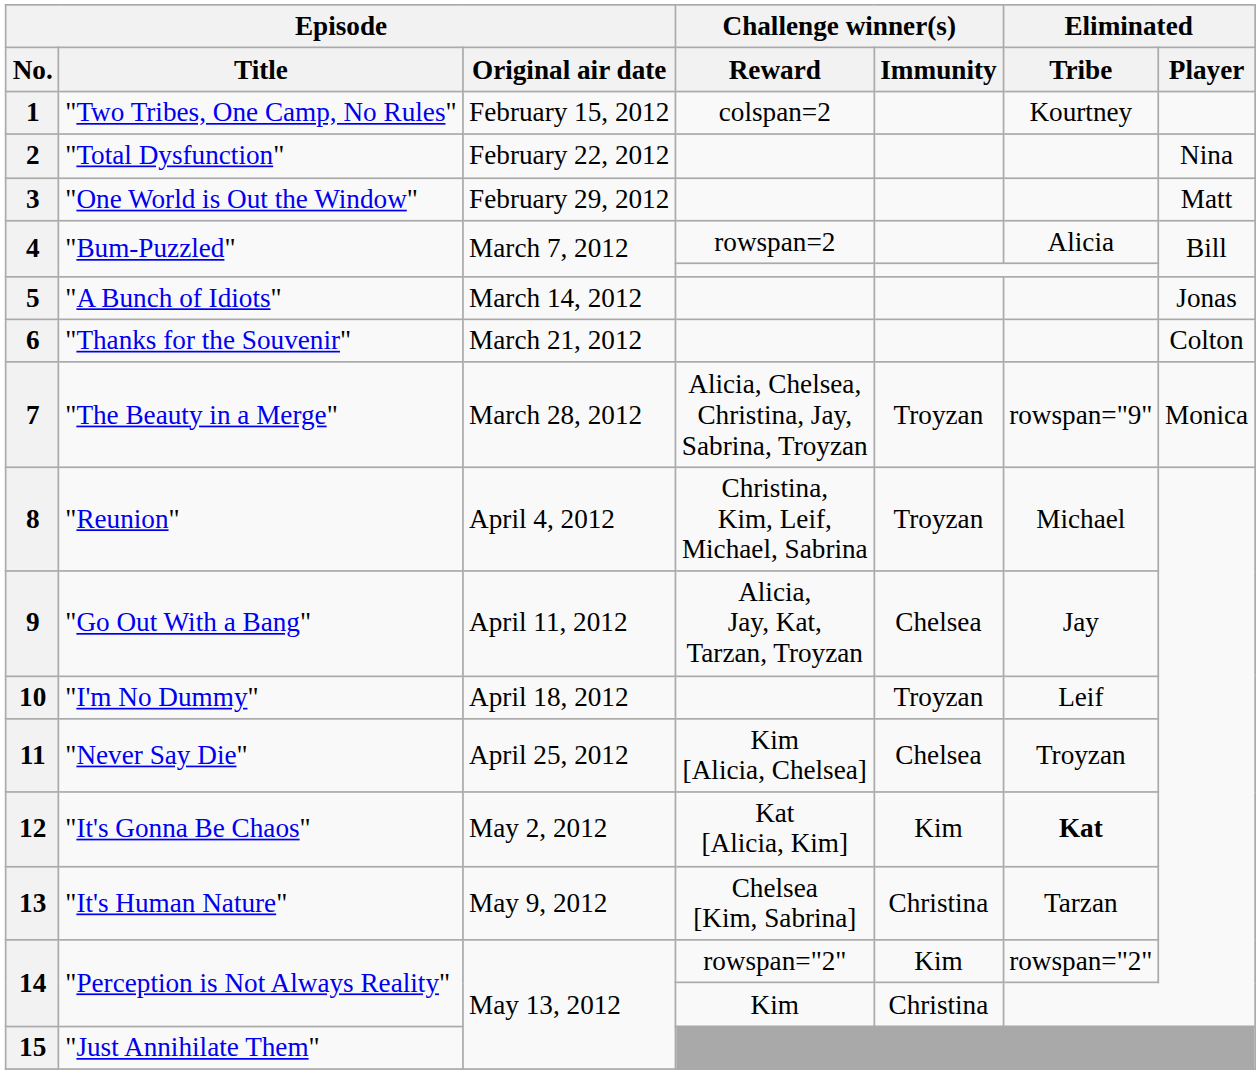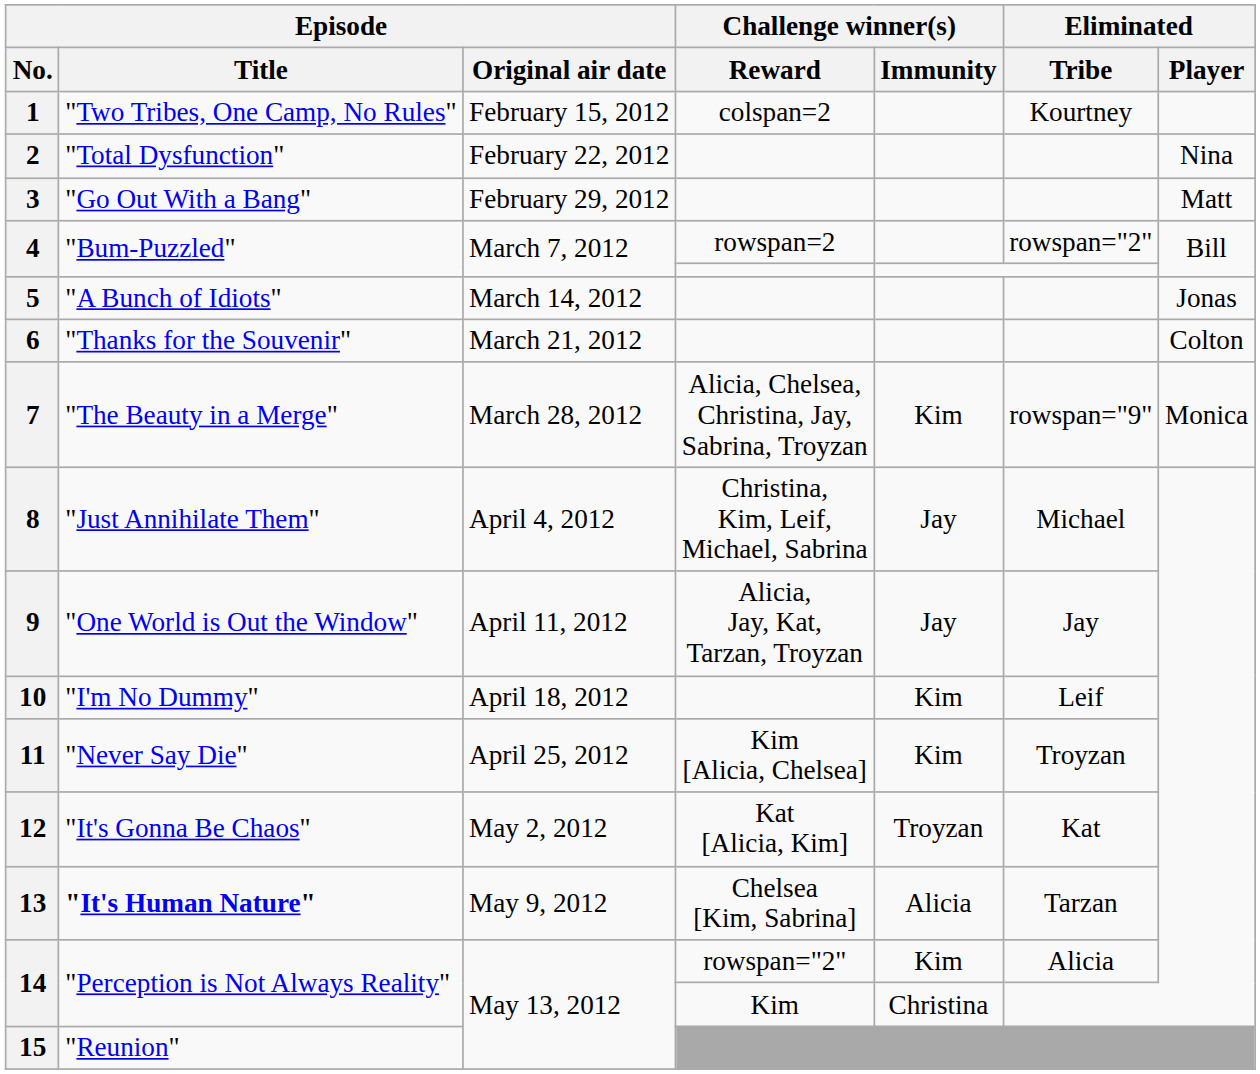 <table class="wikitable" style="margin:auto; text-align:center">
 <tr>
 <th colspan=3>Episode</th>
 <th colspan=2>Challenge winner(s)</th>
 <th colspan="2">Eliminated</th>
 </tr>
 <tr>
 <th>No.</th>
 <th>Title</th>
 <th>Original air date</th>
 <th>Reward</th>
 <th>Immunity</th>
 <th>Tribe</th>
 <th>Player</th>
 </tr>
 <tr>
 <th>1</th>
 <td align="left">"<a href='#'>Two Tribes, One Camp, No Rules</a>"</td>
 <td align="left">February 15, 2012</td>
 <td>colspan=2 </td>
 <td></td>
 <td>Kourtney</td>
 </tr>
 <tr>
 <th>2</th>
 <td align="left">"<a href='#'>Total Dysfunction</a>"</td>
 <td align="left">February 22, 2012</td>
 <td></td>
 <td></td>
 <td></td>
 <td>Nina</td>
 </tr>
 <tr>
 <th>3</th>
-<td align="left">"<a href='#'>One World is Out the Window</a>"</td>
+<td align="left">"<a href='#'>Go Out With a Bang</a>"</td>
 <td align="left">February 29, 2012</td>
 <td></td>
 <td></td>
 <td></td>
 <td>Matt</td>
 </tr>
 <tr>
 <th rowspan=2>4</th>
 <td rowspan=2 align="left">"<a href='#'>Bum-Puzzled</a>"</td>
 <td rowspan=2 align="left">March 7, 2012</td>
 <td>rowspan=2 </td>
 <td></td>
-<td>Alicia</td>
+<td>rowspan="2" </td>
 <td rowspan=2>Bill</td>
 </tr>
 <tr>
 <td></td>
 </tr>
 <tr>
 <th>5</th>
 <td align="left">"<a href='#'>A Bunch of Idiots</a>"</td>
 <td align="left">March 14, 2012</td>
 <td></td>
 <td></td>
 <td></td>
 <td>Jonas</td>
 </tr>
 <tr>
 <th>6</th>
 <td align="left">"<a href='#'>Thanks for the Souvenir</a>"</td>
 <td align="left">March 21, 2012</td>
 <td></td>
 <td></td>
 <td></td>
 <td>Colton</td>
 </tr>
 <tr>
 <th>7</th>
 <td align="left">"<a href='#'>The Beauty in a Merge</a>"</td>
 <td align="left">March 28, 2012</td>
 <td>Alicia, Chelsea,<br>Christina, Jay,<br>Sabrina, Troyzan</td>
-<td>Troyzan</td>
+<td>Kim</td>
 <td>rowspan="9" </td>
 <td>Monica</td>
 </tr>
 <tr>
 <th>8</th>
-<td align="left">"<a href='#'>Reunion</a>"</td>
+<td align="left">"<a href='#'>Just Annihilate Them</a>"</td>
 <td align="left">April 4, 2012</td>
 <td>Christina,<br>Kim, Leif,<br>Michael, Sabrina</td>
-<td>Troyzan</td>
+<td>Jay</td>
 <td>Michael</td>
 </tr>
 <tr>
 <th>9</th>
-<td align="left">"<a href='#'>Go Out With a Bang</a>"</td>
+<td align="left">"<a href='#'>One World is Out the Window</a>"</td>
 <td align="left">April 11, 2012</td>
 <td>Alicia,<br>Jay, Kat,<br>Tarzan, Troyzan</td>
-<td>Chelsea</td>
+<td>Jay</td>
 <td>Jay</td>
 </tr>
 <tr>
 <th>10</th>
 <td align="left">"<a href='#'>I'm No Dummy</a>"</td>
 <td align="left">April 18, 2012</td>
 <td></td>
-<td>Troyzan</td>
+<td>Kim</td>
 <td>Leif</td>
 </tr>
 <tr>
 <th>11</th>
 <td align="left">"<a href='#'>Never Say Die</a>"</td>
 <td align="left">April 25, 2012</td>
 <td>Kim<br>[Alicia, Chelsea]</td>
-<td>Chelsea</td>
+<td>Kim</td>
 <td>Troyzan</td>
 </tr>
 <tr>
 <th>12</th>
 <td align="left">"<a href='#'>It's Gonna Be Chaos</a>"</td>
 <td align="left">May 2, 2012</td>
 <td>Kat<br>[Alicia, Kim]</td>
-<td>Kim</td>
-<td><strong>Kat</strong></td>
+<td>Troyzan</td>
+<td>Kat</td>
 </tr>
 <tr>
 <th>13</th>
-<td align="left">"<a href='#'>It's Human Nature</a>"</td>
+<td align="left"><strong>"<a href='#'>It's Human Nature</a>"</strong></td>
 <td align="left">May 9, 2012</td>
 <td>Chelsea<br>[Kim, Sabrina]</td>
-<td>Christina</td>
+<td>Alicia</td>
 <td>Tarzan</td>
 </tr>
 <tr>
 <th rowspan="2">14</th>
 <td rowspan="2" align="left">"<a href='#'>Perception is Not Always Reality</a>"</td>
 <td rowspan="3" align="left">May 13, 2012</td>
 <td>rowspan="2" </td>
 <td>Kim</td>
-<td>rowspan="2" </td>
+<td>Alicia</td>
 </tr>
 <tr>
 <td>Kim</td>
 <td>Christina</td>
 </tr>
 <tr>
 <th>15</th>
-<td align="left">"<a href='#'>Just Annihilate Them</a>"</td>
+<td align="left">"<a href='#'>Reunion</a>"</td>
 <td colspan="4" bgcolor="darkgray"></td>
 </tr>
 </table>
